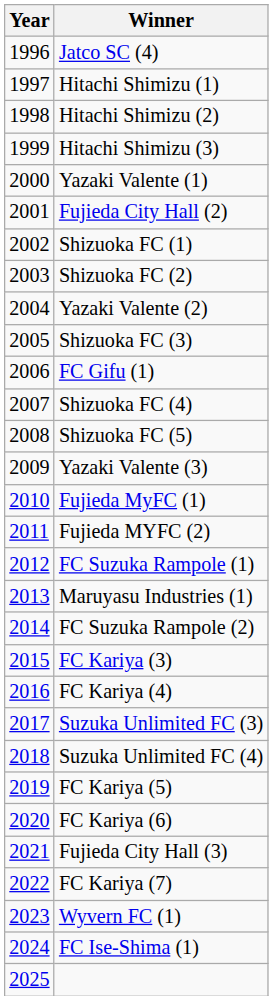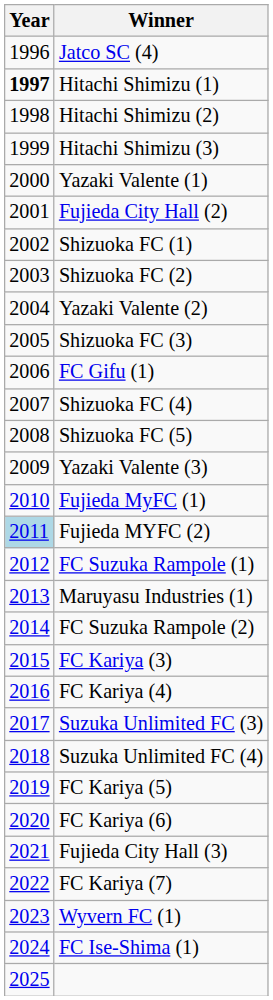 <table class="wikitable">
 <tr>
 <th>Year</th>
 <th>Winner</th>
 </tr>
 <tr>
 <td>1996</td>
 <td><a href='#'>Jatco SC</a> (4)</td>
 </tr>
 <tr>
-<td>1997</td>
+<td><strong>1997</strong></td>
 <td>Hitachi Shimizu (1)</td>
 </tr>
 <tr>
 <td>1998</td>
 <td>Hitachi Shimizu (2)</td>
 </tr>
 <tr>
 <td>1999</td>
 <td>Hitachi Shimizu (3)</td>
 </tr>
 <tr>
 <td>2000</td>
 <td>Yazaki Valente (1)</td>
 </tr>
 <tr>
 <td>2001</td>
 <td><a href='#'>Fujieda City Hall</a> (2)</td>
 </tr>
 <tr>
 <td>2002</td>
 <td>Shizuoka FC (1)</td>
 </tr>
 <tr>
 <td>2003</td>
 <td>Shizuoka FC (2)</td>
 </tr>
 <tr>
 <td>2004</td>
 <td>Yazaki Valente (2)</td>
 </tr>
 <tr>
 <td>2005</td>
 <td>Shizuoka FC (3)</td>
 </tr>
 <tr>
 <td>2006</td>
 <td><a href='#'>FC Gifu</a> (1)</td>
 </tr>
 <tr>
 <td>2007</td>
 <td>Shizuoka FC (4)</td>
 </tr>
 <tr>
 <td>2008</td>
 <td>Shizuoka FC (5)</td>
 </tr>
 <tr>
 <td>2009</td>
 <td>Yazaki Valente (3)</td>
 </tr>
 <tr>
 <td><a href='#'>2010</a></td>
 <td><a href='#'>Fujieda MyFC</a> (1)</td>
 </tr>
 <tr>
-<td><a href='#'>2011</a></td>
+<td style="background: lightblue;"><a href='#'>2011</a></td>
 <td>Fujieda MYFC (2)</td>
 </tr>
 <tr>
 <td><a href='#'>2012</a></td>
 <td><a href='#'>FC Suzuka Rampole</a> (1)</td>
 </tr>
 <tr>
 <td><a href='#'>2013</a></td>
 <td>Maruyasu Industries (1)</td>
 </tr>
 <tr>
 <td><a href='#'>2014</a></td>
 <td>FC Suzuka Rampole (2)</td>
 </tr>
 <tr>
 <td><a href='#'>2015</a></td>
 <td><a href='#'>FC Kariya</a> (3)</td>
 </tr>
 <tr>
 <td><a href='#'>2016</a></td>
 <td>FC Kariya (4)</td>
 </tr>
 <tr>
 <td><a href='#'>2017</a></td>
 <td><a href='#'>Suzuka Unlimited FC</a> (3)</td>
 </tr>
 <tr>
 <td><a href='#'>2018</a></td>
 <td>Suzuka Unlimited FC (4)</td>
 </tr>
 <tr>
 <td><a href='#'>2019</a></td>
 <td>FC Kariya (5)</td>
 </tr>
 <tr>
 <td><a href='#'>2020</a></td>
 <td>FC Kariya (6)</td>
 </tr>
 <tr>
 <td><a href='#'>2021</a></td>
 <td>Fujieda City Hall (3)</td>
 </tr>
 <tr>
 <td><a href='#'>2022</a></td>
 <td>FC Kariya (7)</td>
 </tr>
 <tr>
 <td><a href='#'>2023</a></td>
 <td><a href='#'>Wyvern FC</a> (1)</td>
 </tr>
 <tr>
 <td><a href='#'>2024</a></td>
 <td><a href='#'>FC Ise-Shima</a> (1)</td>
 </tr>
 <tr>
 <td><a href='#'>2025</a></td>
 <td></td>
 </tr>
 </table>
